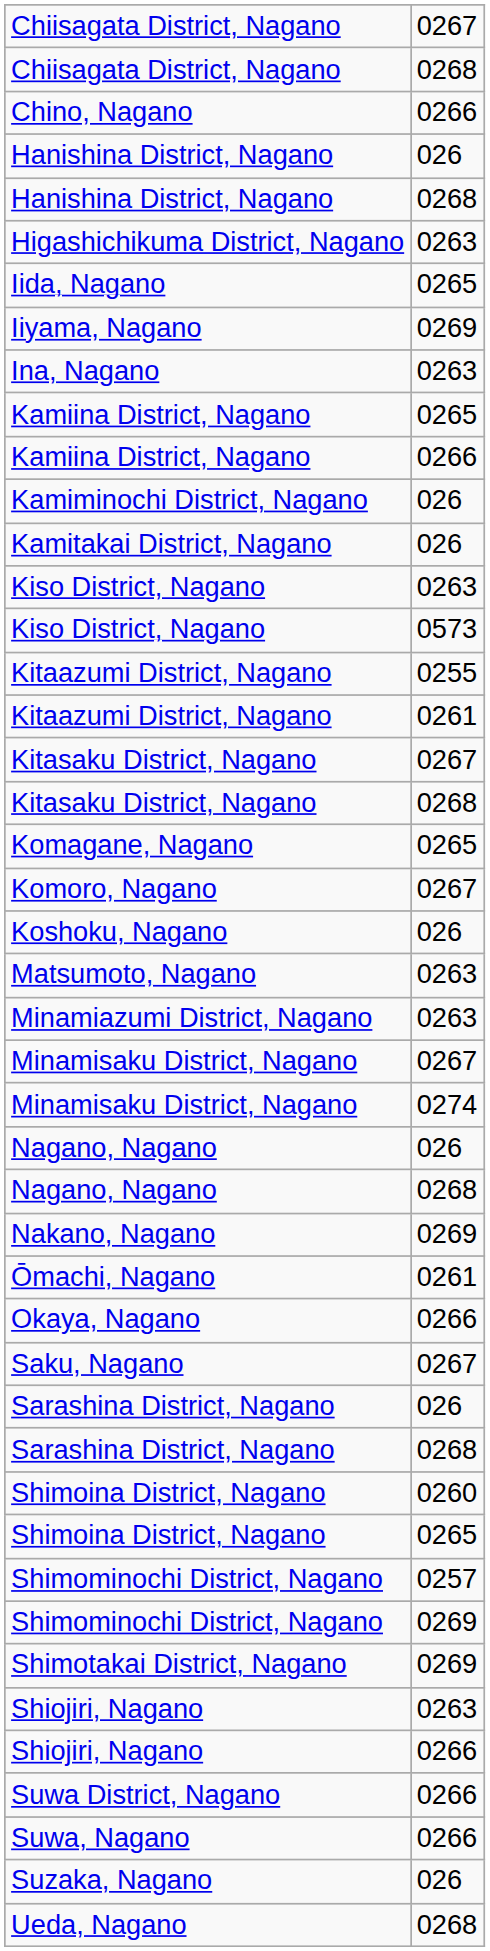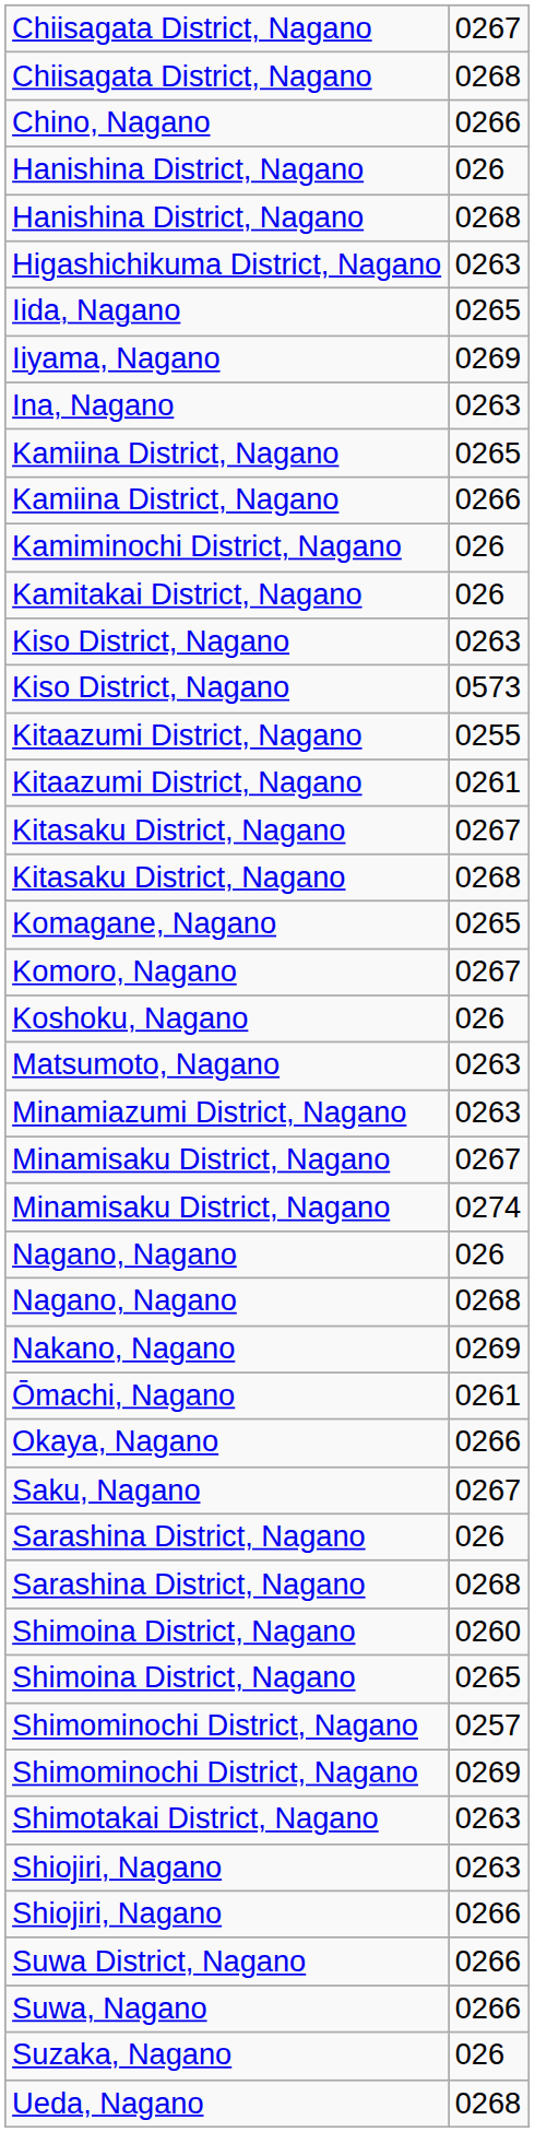 <table class="wikitable">
 <tr>
 <td><a href='#'>Chiisagata District, Nagano</a></td>
 <td>0267</td>
 </tr>
 <tr>
 <td><a href='#'>Chiisagata District, Nagano</a></td>
 <td>0268</td>
 </tr>
 <tr>
 <td><a href='#'>Chino, Nagano</a></td>
 <td>0266</td>
 </tr>
 <tr>
 <td><a href='#'>Hanishina District, Nagano</a></td>
 <td>026</td>
 </tr>
 <tr>
 <td><a href='#'>Hanishina District, Nagano</a></td>
 <td>0268</td>
 </tr>
 <tr>
 <td><a href='#'>Higashichikuma District, Nagano</a></td>
 <td>0263</td>
 </tr>
 <tr>
 <td><a href='#'>Iida, Nagano</a></td>
 <td>0265</td>
 </tr>
 <tr>
 <td><a href='#'>Iiyama, Nagano</a></td>
 <td>0269</td>
 </tr>
 <tr>
 <td><a href='#'>Ina, Nagano</a></td>
 <td>0263</td>
 </tr>
 <tr>
 <td><a href='#'>Kamiina District, Nagano</a></td>
 <td>0265</td>
 </tr>
 <tr>
 <td><a href='#'>Kamiina District, Nagano</a></td>
 <td>0266</td>
 </tr>
 <tr>
 <td><a href='#'>Kamiminochi District, Nagano</a></td>
 <td>026</td>
 </tr>
 <tr>
 <td><a href='#'>Kamitakai District, Nagano</a></td>
 <td>026</td>
 </tr>
 <tr>
 <td><a href='#'>Kiso District, Nagano</a></td>
 <td>0263</td>
 </tr>
 <tr>
 <td><a href='#'>Kiso District, Nagano</a></td>
 <td>0573</td>
 </tr>
 <tr>
 <td><a href='#'>Kitaazumi District, Nagano</a></td>
 <td>0255</td>
 </tr>
 <tr>
 <td><a href='#'>Kitaazumi District, Nagano</a></td>
 <td>0261</td>
 </tr>
 <tr>
 <td><a href='#'>Kitasaku District, Nagano</a></td>
 <td>0267</td>
 </tr>
 <tr>
 <td><a href='#'>Kitasaku District, Nagano</a></td>
 <td>0268</td>
 </tr>
 <tr>
 <td><a href='#'>Komagane, Nagano</a></td>
 <td>0265</td>
 </tr>
 <tr>
 <td><a href='#'>Komoro, Nagano</a></td>
 <td>0267</td>
 </tr>
 <tr>
 <td><a href='#'>Koshoku, Nagano</a></td>
 <td>026</td>
 </tr>
 <tr>
 <td><a href='#'>Matsumoto, Nagano</a></td>
 <td>0263</td>
 </tr>
 <tr>
 <td><a href='#'>Minamiazumi District, Nagano</a></td>
 <td>0263</td>
 </tr>
 <tr>
 <td><a href='#'>Minamisaku District, Nagano</a></td>
 <td>0267</td>
 </tr>
 <tr>
 <td><a href='#'>Minamisaku District, Nagano</a></td>
 <td>0274</td>
 </tr>
 <tr>
 <td><a href='#'>Nagano, Nagano</a></td>
 <td>026</td>
 </tr>
 <tr>
 <td><a href='#'>Nagano, Nagano</a></td>
 <td>0268</td>
 </tr>
 <tr>
 <td><a href='#'>Nakano, Nagano</a></td>
 <td>0269</td>
 </tr>
 <tr>
 <td><a href='#'>Ōmachi, Nagano</a></td>
 <td>0261</td>
 </tr>
 <tr>
 <td><a href='#'>Okaya, Nagano</a></td>
 <td>0266</td>
 </tr>
 <tr>
 <td><a href='#'>Saku, Nagano</a></td>
 <td>0267</td>
 </tr>
 <tr>
 <td><a href='#'>Sarashina District, Nagano</a></td>
 <td>026</td>
 </tr>
 <tr>
 <td><a href='#'>Sarashina District, Nagano</a></td>
 <td>0268</td>
 </tr>
 <tr>
 <td><a href='#'>Shimoina District, Nagano</a></td>
 <td>0260</td>
 </tr>
 <tr>
 <td><a href='#'>Shimoina District, Nagano</a></td>
 <td>0265</td>
 </tr>
 <tr>
 <td><a href='#'>Shimominochi District, Nagano</a></td>
 <td>0257</td>
 </tr>
 <tr>
 <td><a href='#'>Shimominochi District, Nagano</a></td>
 <td>0269</td>
 </tr>
 <tr>
 <td><a href='#'>Shimotakai District, Nagano</a></td>
-<td>0269</td>
+<td>0263</td>
 </tr>
 <tr>
 <td><a href='#'>Shiojiri, Nagano</a></td>
 <td>0263</td>
 </tr>
 <tr>
 <td><a href='#'>Shiojiri, Nagano</a></td>
 <td>0266</td>
 </tr>
 <tr>
 <td><a href='#'>Suwa District, Nagano</a></td>
 <td>0266</td>
 </tr>
 <tr>
 <td><a href='#'>Suwa, Nagano</a></td>
 <td>0266</td>
 </tr>
 <tr>
 <td><a href='#'>Suzaka, Nagano</a></td>
 <td>026</td>
 </tr>
 <tr>
 <td><a href='#'>Ueda, Nagano</a></td>
 <td>0268</td>
 </tr>
 </table>
